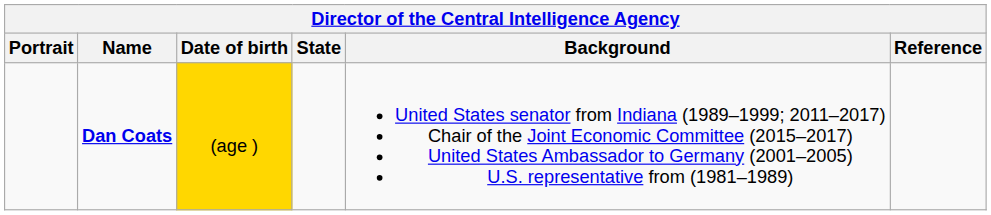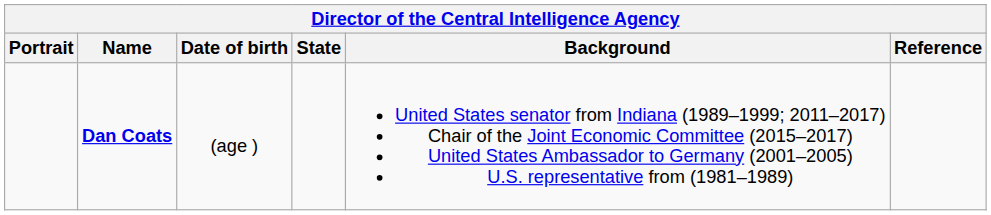 <table class="wikitable collapsible" style="text-align:center;">
 <tr>
 <th colspan="6"><a href='#'>Director of the Central Intelligence Agency</a></th>
 </tr>
 <tr>
 <th>Portrait</th>
 <th>Name</th>
 <th>Date of birth</th>
 <th>State</th>
 <th>Background</th>
 <th>Reference</th>
 </tr>
 <tr>
 <td></td>
 <td><strong><a href='#'>Dan Coats</a></strong></td>
-<td style="background: gold;"><br>(age )</td>
+<td><br>(age )</td>
 <td></td>
 <td><br><ul><li><a href='#'>United States senator</a> from <a href='#'>Indiana</a> (1989–1999; 2011–2017)</li><li>Chair of the <a href='#'>Joint Economic Committee</a> (2015–2017)</li><li><a href='#'>United States Ambassador to Germany</a> (2001–2005)</li><li><a href='#'>U.S. representative</a> from  (1981–1989)</li></ul></td>
 <td></td>
 </tr>
 </table>
